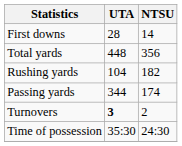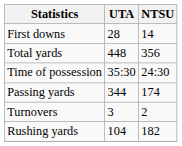 <table class="wikitable">
 <tr>
 <th>Statistics</th>
 <th>UTA</th>
 <th>NTSU</th>
 </tr>
 <tr>
 <td>First downs</td>
 <td>28</td>
 <td>14</td>
 </tr>
 <tr>
 <td>Total yards</td>
 <td>448</td>
 <td>356</td>
 </tr>
 <tr>
-<td>Rushing yards</td>
-<td>104</td>
-<td>182</td>
+<td>Time of possession</td>
+<td>35:30</td>
+<td>24:30</td>
 </tr>
 <tr>
 <td>Passing yards</td>
 <td>344</td>
 <td>174</td>
 </tr>
 <tr>
 <td>Turnovers</td>
-<td><strong>3</strong></td>
+<td>3</td>
 <td>2</td>
 </tr>
 <tr>
-<td>Time of possession</td>
-<td>35:30</td>
-<td>24:30</td>
+<td>Rushing yards</td>
+<td>104</td>
+<td>182</td>
 </tr>
 <tr>
 </tr>
 </table>
